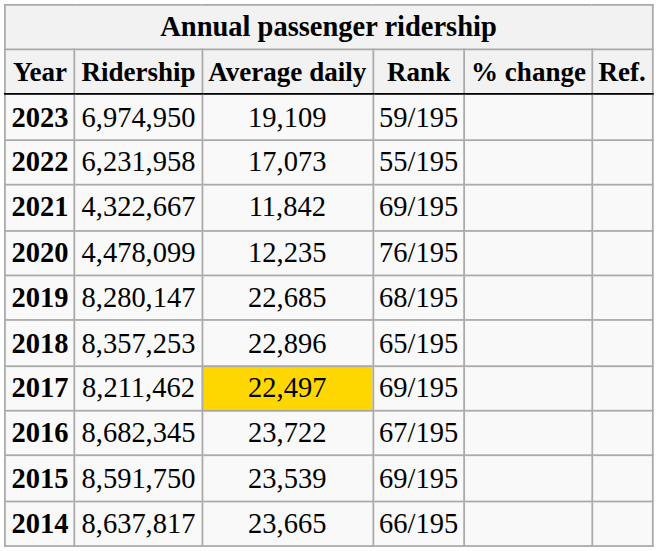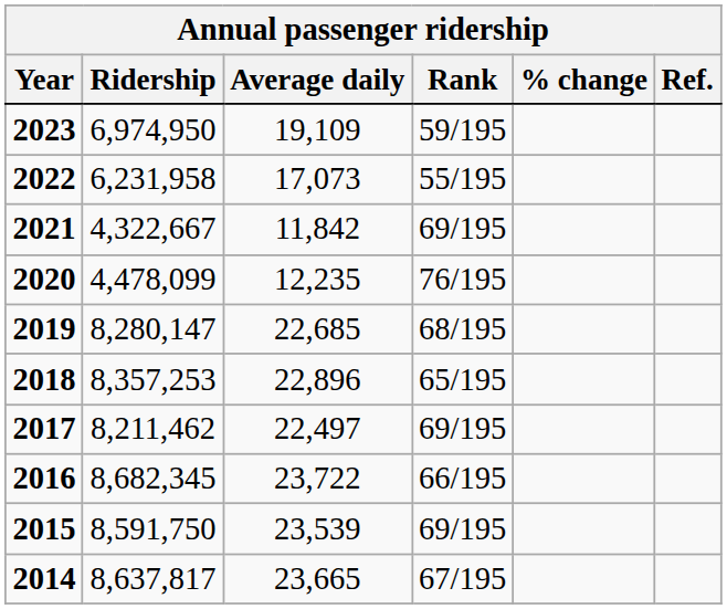 <table class="wikitable sortable" style="text-align:right;">
 <tr>
 <th colspan="6" style="background-color:#">Annual passenger ridership</th>
 </tr>
 <tr style="font-size:95%; text-align:center">
 <th style="border-bottom:1px solid black">Year</th>
 <th style="border-bottom:1px solid black">Ridership</th>
 <th style="border-bottom:1px solid black">Average daily</th>
 <th style="border-bottom:1px solid black">Rank</th>
 <th style="border-bottom:1px solid black">% change</th>
 <th style="border-bottom:1px solid black">Ref.</th>
 </tr>
 <tr style="text-align:center;">
 <td><strong>2023</strong></td>
 <td>6,974,950</td>
 <td>19,109</td>
 <td>59/195</td>
 <td></td>
 <td></td>
 </tr>
 <tr style="text-align:center;">
 <td><strong>2022</strong></td>
 <td>6,231,958</td>
 <td>17,073</td>
 <td>55/195</td>
 <td></td>
 <td></td>
 </tr>
 <tr style="text-align:center;">
 <td><strong>2021</strong></td>
 <td>4,322,667</td>
 <td>11,842</td>
 <td>69/195</td>
 <td></td>
 <td></td>
 </tr>
 <tr style="text-align:center;">
 <td><strong>2020</strong></td>
 <td>4,478,099</td>
 <td>12,235</td>
 <td>76/195</td>
 <td></td>
 <td></td>
 </tr>
 <tr style="text-align:center;">
 <td><strong>2019</strong></td>
 <td>8,280,147</td>
 <td>22,685</td>
 <td>68/195</td>
 <td></td>
 <td></td>
 </tr>
 <tr style="text-align:center;">
 <td><strong>2018</strong></td>
 <td>8,357,253</td>
 <td>22,896</td>
 <td>65/195</td>
 <td></td>
 <td></td>
 </tr>
 <tr style="text-align:center;">
 <td><strong>2017</strong></td>
 <td>8,211,462</td>
-<td style="background: gold;">22,497</td>
+<td>22,497</td>
 <td>69/195</td>
 <td></td>
 <td></td>
 </tr>
 <tr style="text-align:center;">
 <td><strong>2016</strong></td>
 <td>8,682,345</td>
 <td>23,722</td>
-<td>67/195</td>
+<td>66/195</td>
 <td></td>
 <td></td>
 </tr>
 <tr style="text-align:center;">
 <td><strong>2015</strong></td>
 <td>8,591,750</td>
 <td>23,539</td>
 <td>69/195</td>
 <td></td>
 <td></td>
 </tr>
 <tr style="text-align:center;">
 <td><strong>2014</strong></td>
 <td>8,637,817</td>
 <td>23,665</td>
-<td>66/195</td>
+<td>67/195</td>
 <td></td>
 <td></td>
 </tr>
 </table>
